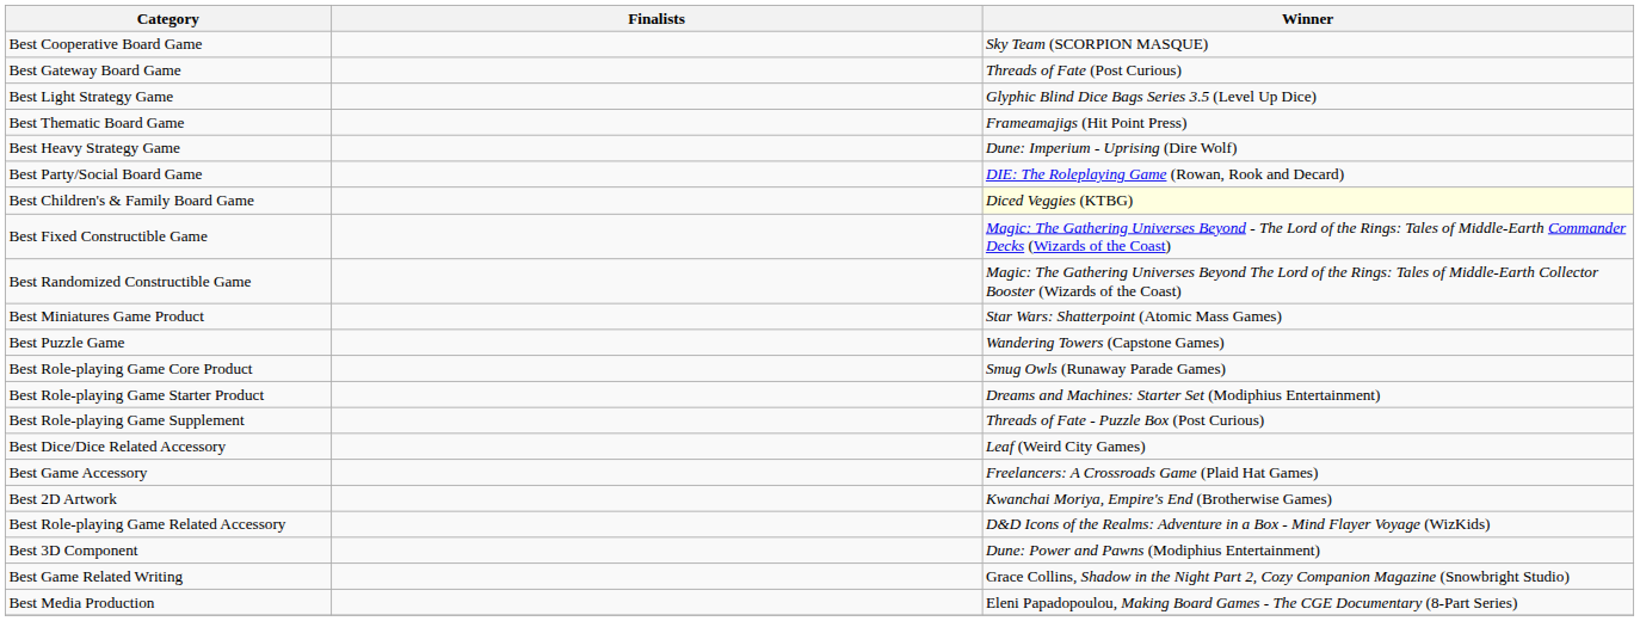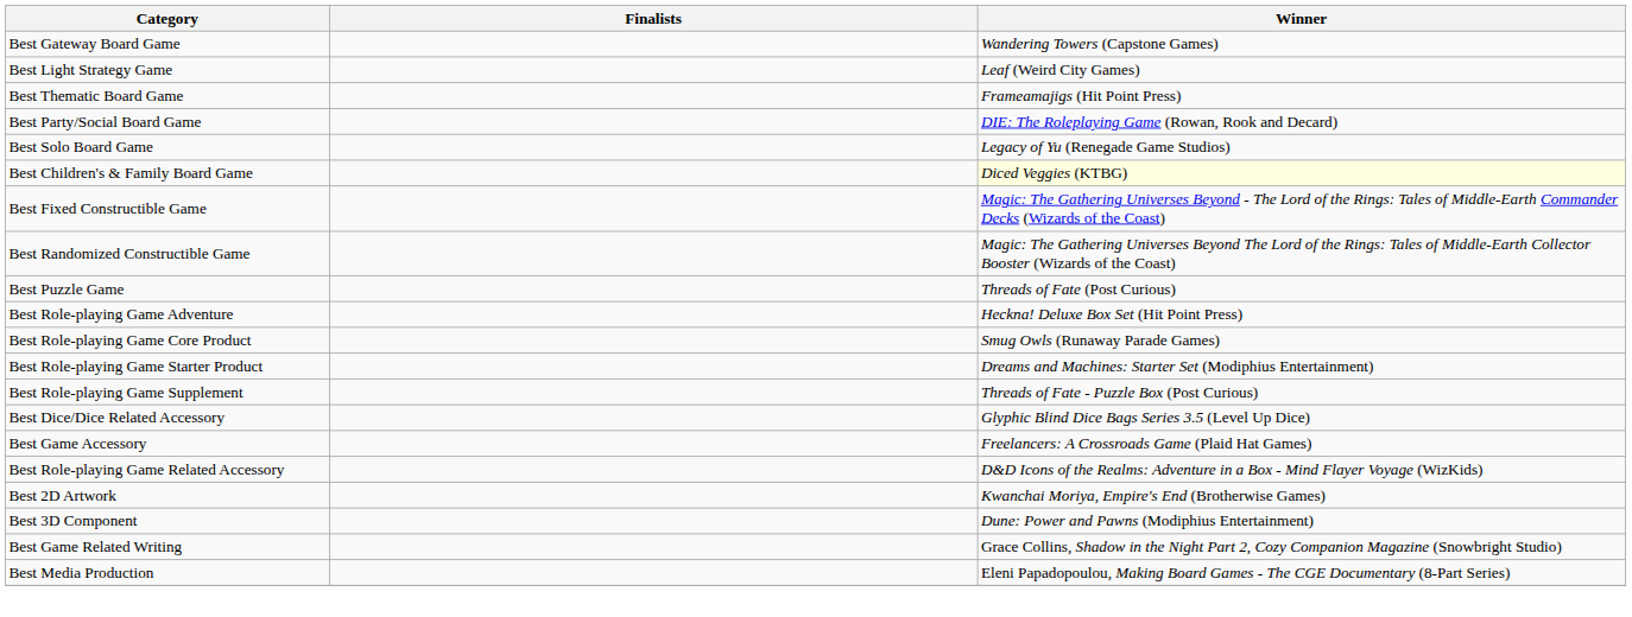 <table class="wikitable sortable" style="margins:auto; width=95%; font-size: 95%;">
 <tr>
 <th width="20%">Category</th>
 <th width="40%">Finalists</th>
 <th width="40%">Winner</th>
 </tr>
 <tr>
-<td>Best Cooperative Board Game</td>
-<td></td>
-<td><em>Sky Team</em> (SCORPION MASQUE)</td>
-</tr>
-<tr>
 <td>Best Gateway Board Game</td>
 <td></td>
-<td><em>Threads of Fate</em> (Post Curious)</td>
+<td><em>Wandering Towers</em> (Capstone Games)</td>
 </tr>
 <tr>
 <td>Best Light Strategy Game</td>
 <td></td>
-<td><em>Glyphic Blind Dice Bags Series 3.5</em> (Level Up Dice)</td>
+<td><em>Leaf</em> (Weird City Games)</td>
 </tr>
 <tr>
 <td>Best Thematic Board Game</td>
 <td></td>
 <td><em>Frameamajigs</em> (Hit Point Press)</td>
 </tr>
 <tr>
-<td>Best Heavy Strategy Game</td>
-<td></td>
-<td><em>Dune: Imperium - Uprising</em> (Dire Wolf)</td>
-</tr>
-<tr>
 <td>Best Party/Social Board Game</td>
 <td></td>
 <td><em><a href='#'>DIE: The Roleplaying Game</a></em> (Rowan, Rook and Decard)</td>
+</tr>
+<tr>
+<td>Best Solo Board Game</td>
+<td></td>
+<td><em>Legacy of Yu</em> (Renegade Game Studios)</td>
 </tr>
 <tr>
 <td>Best Children's & Family Board Game</td>
 <td></td>
 <td style="background: lightyellow;"><em>Diced Veggies</em> (KTBG)</td>
 </tr>
 <tr>
 <td>Best Fixed Constructible Game</td>
 <td></td>
 <td><em><a href='#'>Magic: The Gathering Universes Beyond</a> - The Lord of the Rings: Tales of Middle-Earth <a href='#'>Commander Decks</a></em> (<a href='#'>Wizards of the Coast</a>)</td>
 </tr>
 <tr>
 <td>Best Randomized Constructible Game</td>
 <td></td>
 <td><em>Magic: The Gathering Universes Beyond The Lord of the Rings: Tales of Middle-Earth Collector Booster</em> (Wizards of the Coast)</td>
 </tr>
 <tr>
-<td>Best Miniatures Game Product</td>
+<td>Best Puzzle Game</td>
 <td></td>
-<td><em>Star Wars: Shatterpoint</em> (Atomic Mass Games)</td>
+<td><em>Threads of Fate</em> (Post Curious)</td>
 </tr>
 <tr>
-<td>Best Puzzle Game</td>
+<td>Best Role-playing Game Adventure</td>
 <td></td>
-<td><em>Wandering Towers</em> (Capstone Games)</td>
+<td><em>Heckna! Deluxe Box Set</em> (Hit Point Press)</td>
 </tr>
 <tr>
 <td>Best Role-playing Game Core Product</td>
 <td></td>
 <td><em>Smug Owls</em> (Runaway Parade Games)</td>
 </tr>
 <tr>
 <td>Best Role-playing Game Starter Product</td>
 <td></td>
 <td><em>Dreams and Machines: Starter Set</em> (Modiphius Entertainment)</td>
 </tr>
 <tr>
 <td>Best Role-playing Game Supplement</td>
 <td></td>
 <td><em>Threads of Fate - Puzzle Box</em> (Post Curious)</td>
 </tr>
 <tr>
 <td>Best Dice/Dice Related Accessory</td>
 <td></td>
-<td><em>Leaf</em> (Weird City Games)</td>
+<td><em>Glyphic Blind Dice Bags Series 3.5</em> (Level Up Dice)</td>
 </tr>
 <tr>
 <td>Best Game Accessory</td>
 <td></td>
 <td><em>Freelancers: A Crossroads Game</em> (Plaid Hat Games)</td>
 </tr>
 <tr>
+<td>Best Role-playing Game Related Accessory</td>
+<td></td>
+<td><em>D&D Icons of the Realms: Adventure in a Box - Mind Flayer Voyage</em> (WizKids)</td>
+</tr>
+<tr>
 <td>Best 2D Artwork</td>
 <td></td>
 <td><em>Kwanchai Moriya, Empire's End</em> (Brotherwise Games)</td>
-</tr>
-<tr>
-<td>Best Role-playing Game Related Accessory</td>
-<td></td>
-<td><em>D&D Icons of the Realms: Adventure in a Box - Mind Flayer Voyage</em> (WizKids)</td>
 </tr>
 <tr>
 <td>Best 3D Component</td>
 <td></td>
 <td><em>Dune: Power and Pawns</em> (Modiphius Entertainment)</td>
 </tr>
 <tr>
 <td>Best Game Related Writing</td>
 <td></td>
 <td>Grace Collins, <em>Shadow in the Night Part 2</em>, <em>Cozy Companion Magazine</em> (Snowbright Studio)</td>
 </tr>
 <tr>
 <td>Best Media Production</td>
 <td></td>
 <td>Eleni Papadopoulou, <em>Making Board Games - The CGE Documentary</em> (8-Part Series)</td>
 </tr>
 <tr>
 </tr>
 </table>
